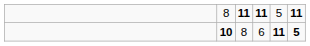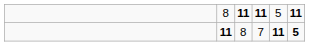 <table class="wikitable">
 <tr>
 <td style="width:18em"></td>
 <td align=center style="width:1em">8</td>
 <td align=center style="width:1em"><strong>11</strong></td>
 <td align=center style="width:1em"><strong>11</strong></td>
 <td align=center style="width:1em">5</td>
 <td align=center style="width:1em"><strong>11</strong></td>
 </tr>
 <tr>
 <td style="width:18em"></td>
-<td align=center style="width:1em"><strong>10</strong></td>
+<td align=center style="width:1em"><strong>11</strong></td>
 <td align=center style="width:1em">8</td>
-<td align=center style="width:1em">6</td>
+<td align=center style="width:1em">7</td>
 <td align=center style="width:1em"><strong>11</strong></td>
 <td align=center style="width:1em"><strong>5</strong></td>
 </tr>
 </table>
